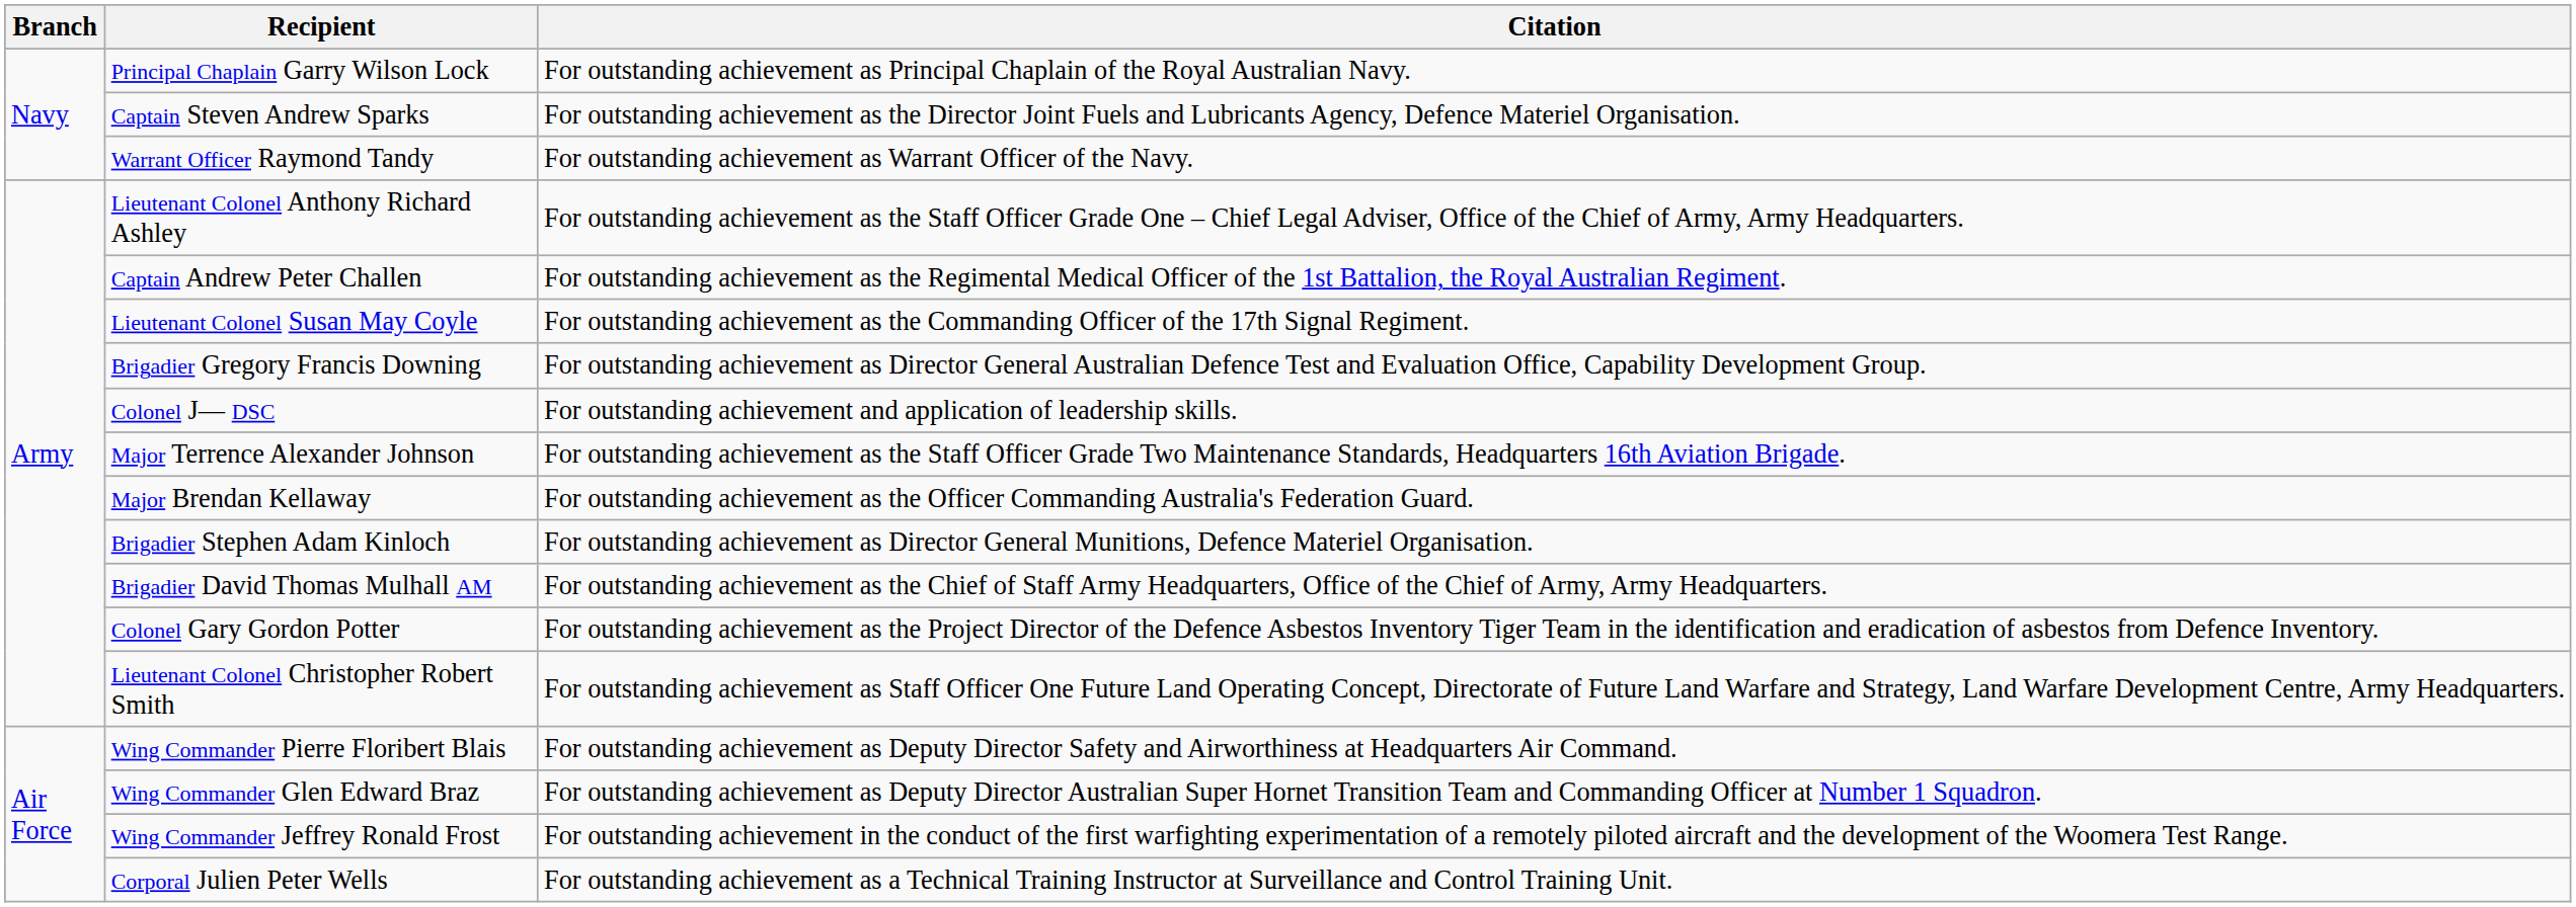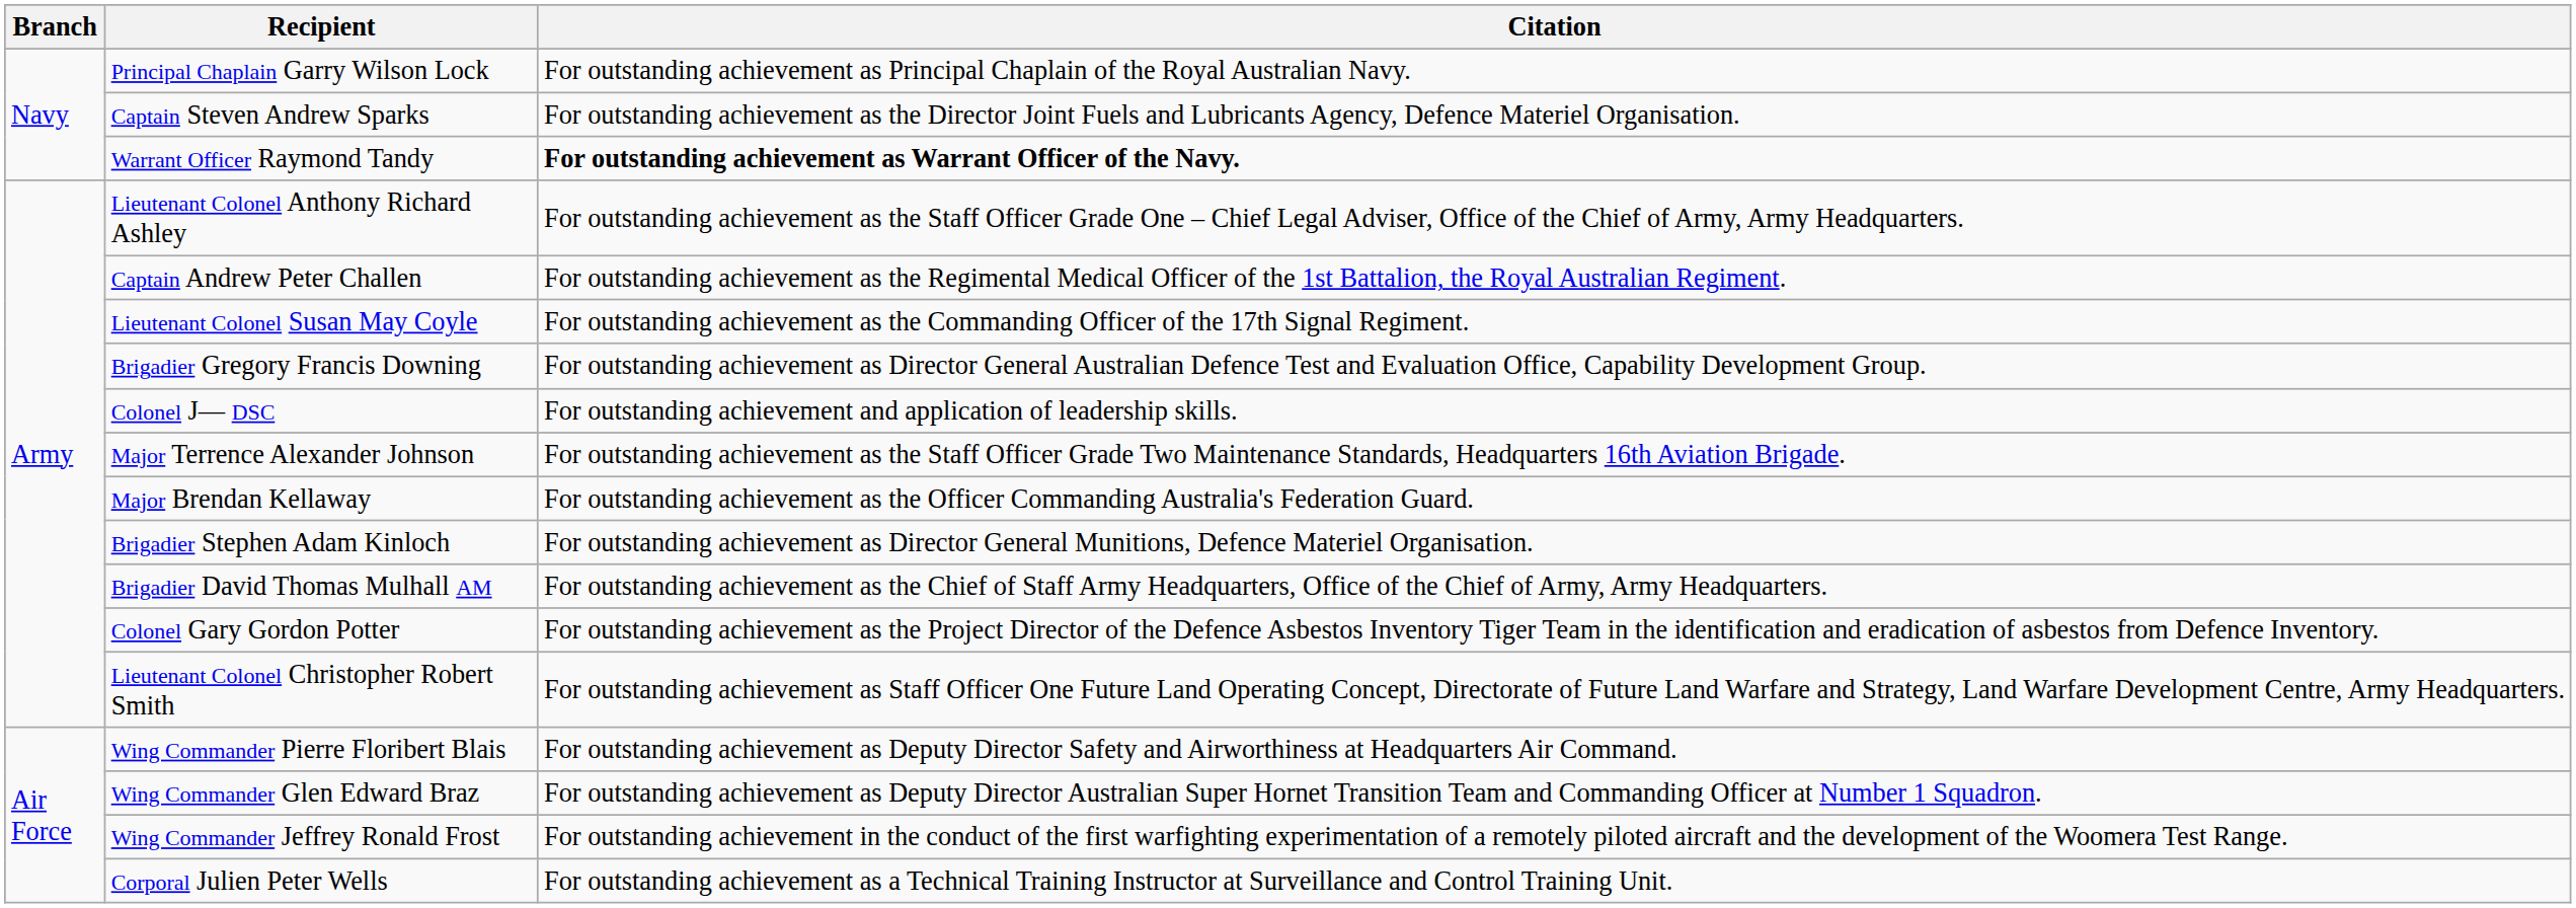 <table class="wikitable" style="font-size:95%;">
 <tr>
 <th scope="col" width="50">Branch</th>
 <th scope="col" width="240">Recipient</th>
 <th>Citation</th>
 </tr>
 <tr>
 <td rowspan="3"><a href='#'>Navy</a></td>
 <td><small><a href='#'>Principal Chaplain</a></small> Garry Wilson Lock</td>
 <td>For outstanding achievement as Principal Chaplain of the Royal Australian Navy.</td>
 </tr>
 <tr>
 <td><small><a href='#'>Captain</a></small> Steven Andrew Sparks</td>
 <td>For outstanding achievement as the Director Joint Fuels and Lubricants Agency, Defence Materiel Organisation.</td>
 </tr>
 <tr>
 <td><small><a href='#'>Warrant Officer</a></small> Raymond Tandy</td>
-<td>For outstanding achievement as Warrant Officer of the Navy.</td>
+<td><strong>For outstanding achievement as Warrant Officer of the Navy.</strong></td>
 </tr>
 <tr>
 <td rowspan="11"><a href='#'>Army</a></td>
 <td><small><a href='#'>Lieutenant Colonel</a></small> Anthony Richard Ashley</td>
 <td>For outstanding achievement as the Staff Officer Grade One – Chief Legal Adviser, Office of the Chief of Army, Army Headquarters.</td>
 </tr>
 <tr>
 <td><small><a href='#'>Captain</a></small> Andrew Peter Challen</td>
 <td>For outstanding achievement as the Regimental Medical Officer of the <a href='#'>1st Battalion, the Royal Australian Regiment</a>.</td>
 </tr>
 <tr>
 <td><small><a href='#'>Lieutenant Colonel</a></small> <a href='#'>Susan May Coyle</a></td>
 <td>For outstanding achievement as the Commanding Officer of the 17th Signal Regiment.</td>
 </tr>
 <tr>
 <td><small><a href='#'>Brigadier</a></small> Gregory Francis Downing</td>
 <td>For outstanding achievement as Director General Australian Defence Test and Evaluation Office, Capability Development Group.</td>
 </tr>
 <tr>
 <td><small><a href='#'>Colonel</a></small> J— <small><a href='#'>DSC</a></small></td>
 <td>For outstanding achievement and application of leadership skills.</td>
 </tr>
 <tr>
 <td><small><a href='#'>Major</a></small> Terrence Alexander Johnson</td>
 <td>For outstanding achievement as the Staff Officer Grade Two Maintenance Standards, Headquarters <a href='#'>16th Aviation Brigade</a>.</td>
 </tr>
 <tr>
 <td><small><a href='#'>Major</a></small> Brendan Kellaway</td>
 <td>For outstanding achievement as the Officer Commanding Australia's Federation Guard.</td>
 </tr>
 <tr>
 <td><small><a href='#'>Brigadier</a></small> Stephen Adam Kinloch</td>
 <td>For outstanding achievement as Director General Munitions, Defence Materiel Organisation.</td>
 </tr>
 <tr>
 <td><small><a href='#'>Brigadier</a></small> David Thomas Mulhall <small><a href='#'>AM</a></small></td>
 <td>For outstanding achievement as the Chief of Staff Army Headquarters, Office of the Chief of Army, Army Headquarters.</td>
 </tr>
 <tr>
 <td><small><a href='#'>Colonel</a></small> Gary Gordon Potter</td>
 <td>For outstanding achievement as the Project Director of the Defence Asbestos Inventory Tiger Team in the identification and eradication of asbestos from Defence Inventory.</td>
 </tr>
 <tr>
 <td><small><a href='#'>Lieutenant Colonel</a></small> Christopher Robert Smith</td>
 <td>For outstanding achievement as Staff Officer One Future Land Operating Concept, Directorate of Future Land Warfare and Strategy, Land Warfare Development Centre, Army Headquarters.</td>
 </tr>
 <tr>
 <td rowspan="4"><a href='#'>Air Force</a></td>
 <td><small><a href='#'>Wing Commander</a></small> Pierre Floribert Blais</td>
 <td>For outstanding achievement as Deputy Director Safety and Airworthiness at Headquarters Air Command.</td>
 </tr>
 <tr>
 <td><small><a href='#'>Wing Commander</a></small> Glen Edward Braz</td>
 <td>For outstanding achievement as Deputy Director Australian Super Hornet Transition Team and Commanding Officer at <a href='#'>Number 1 Squadron</a>.</td>
 </tr>
 <tr>
 <td><small><a href='#'>Wing Commander</a></small> Jeffrey Ronald Frost</td>
 <td>For outstanding achievement in the conduct of the first warfighting experimentation of a remotely piloted aircraft and the development of the Woomera Test Range.</td>
 </tr>
 <tr>
 <td><small><a href='#'>Corporal</a></small> Julien Peter Wells</td>
 <td>For outstanding achievement as a Technical Training Instructor at Surveillance and Control Training Unit.</td>
 </tr>
 </table>
